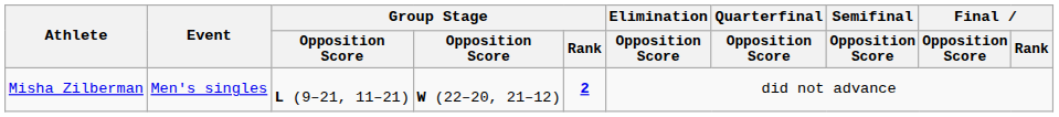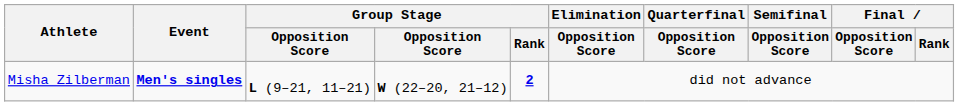 <table class="wikitable" style="font-size:90%">
 <tr>
 <th rowspan=2>Athlete</th>
 <th rowspan=2>Event</th>
 <th colspan=3>Group Stage</th>
 <th>Elimination</th>
 <th>Quarterfinal</th>
 <th>Semifinal</th>
 <th colspan=2>Final / </th>
 </tr>
 <tr style="font-size:95%">
 <th>Opposition<br>Score</th>
 <th>Opposition<br>Score</th>
 <th>Rank</th>
 <th>Opposition<br>Score</th>
 <th>Opposition<br>Score</th>
 <th>Opposition<br>Score</th>
 <th>Opposition<br>Score</th>
 <th>Rank</th>
 </tr>
 <tr align=center>
 <td align=left><a href='#'>Misha Zilberman</a></td>
-<td align=left><a href='#'>Men's singles</a></td>
+<td align=left><strong><a href='#'>Men's singles</a></strong></td>
 <td><br><strong>L</strong> (9–21, 11–21)</td>
 <td><br><strong>W</strong> (22–20, 21–12)</td>
 <td><strong><a href='#'>2</a></strong></td>
 <td colspan="5">did not advance</td>
 </tr>
 </table>
